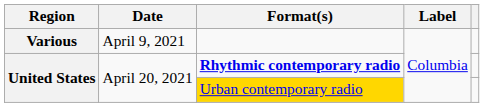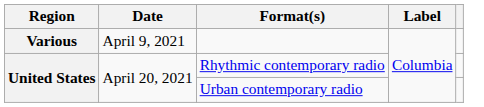 <table class="wikitable plainrowheaders">
 <tr>
 <th scope="col">Region</th>
 <th scope="col">Date</th>
 <th scope="col">Format(s)</th>
 <th scope="col">Label</th>
 <th scope="col"></th>
 </tr>
 <tr>
 <th scope="row">Various</th>
 <td>April 9, 2021</td>
 <td></td>
 <td rowspan="3"><a href='#'>Columbia</a></td>
 <td align="center"></td>
 </tr>
 <tr>
 <th scope="row" rowspan="2">United States</th>
 <td rowspan="2">April 20, 2021</td>
-<td><strong><a href='#'>Rhythmic contemporary radio</a></strong></td>
+<td><a href='#'>Rhythmic contemporary radio</a></td>
 <td align="center"></td>
 </tr>
 <tr>
-<td style="background: gold;"><a href='#'>Urban contemporary radio</a></td>
+<td><a href='#'>Urban contemporary radio</a></td>
 <td align="center"></td>
 </tr>
 </table>
